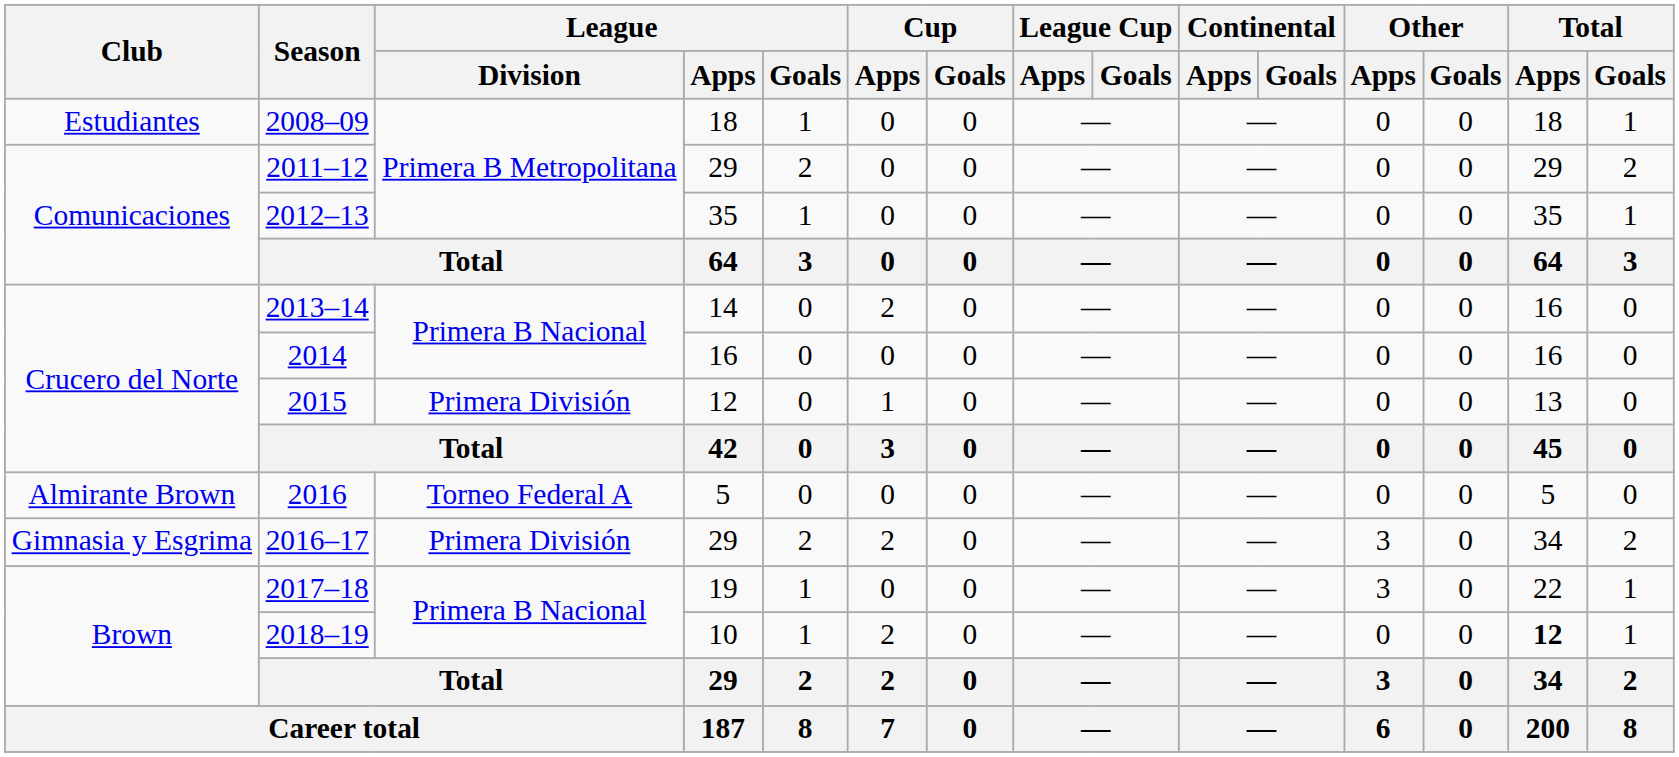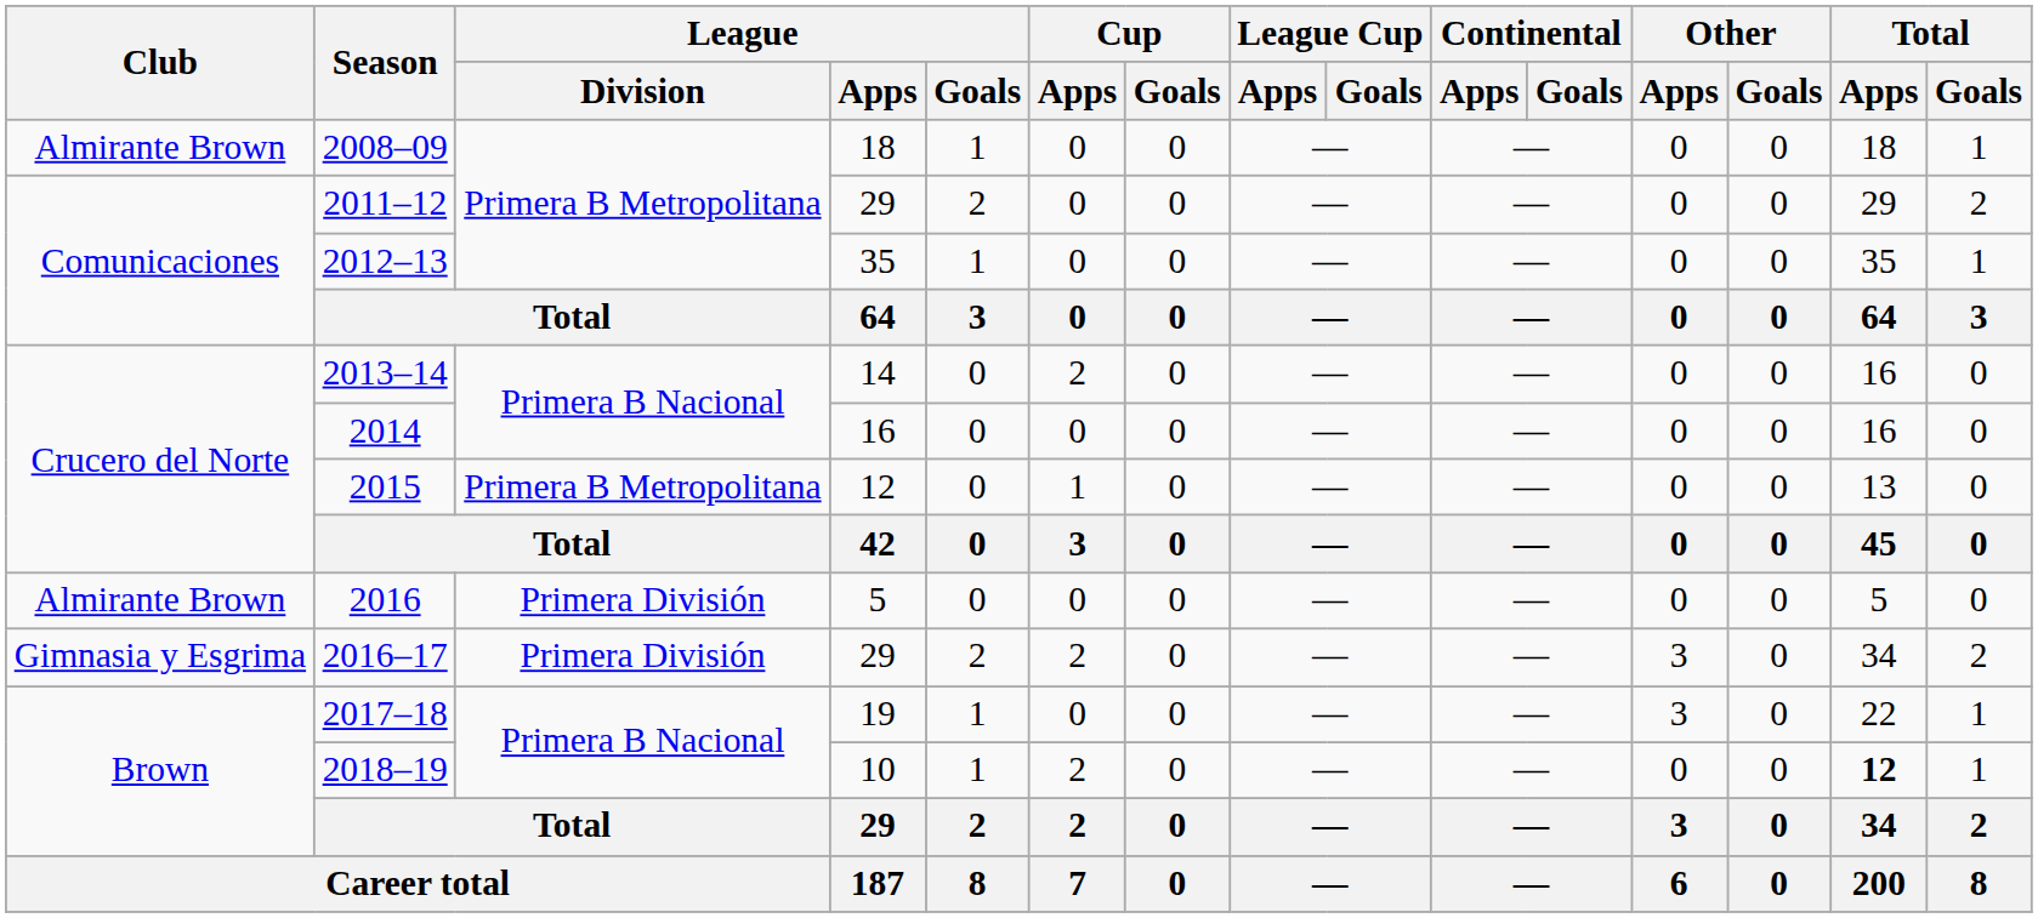 <table class="wikitable" style="text-align:center">
 <tr>
 <th rowspan="2">Club</th>
 <th rowspan="2">Season</th>
 <th colspan="3">League</th>
 <th colspan="2">Cup</th>
 <th colspan="2">League Cup</th>
 <th colspan="2">Continental</th>
 <th colspan="2">Other</th>
 <th colspan="2">Total</th>
 </tr>
 <tr>
 <th>Division</th>
 <th>Apps</th>
 <th>Goals</th>
 <th>Apps</th>
 <th>Goals</th>
 <th>Apps</th>
 <th>Goals</th>
 <th>Apps</th>
 <th>Goals</th>
 <th>Apps</th>
 <th>Goals</th>
 <th>Apps</th>
 <th>Goals</th>
 </tr>
 <tr>
-<td rowspan="1"><a href='#'>Estudiantes</a></td>
+<td rowspan="1"><a href='#'>Almirante Brown</a></td>
 <td><a href='#'>2008–09</a></td>
 <td rowspan="3"><a href='#'>Primera B Metropolitana</a></td>
 <td>18</td>
 <td>1</td>
 <td>0</td>
 <td>0</td>
 <td colspan="2">—</td>
 <td colspan="2">—</td>
 <td>0</td>
 <td>0</td>
 <td>18</td>
 <td>1</td>
 </tr>
 <tr>
 <td rowspan="3"><a href='#'>Comunicaciones</a></td>
 <td><a href='#'>2011–12</a></td>
 <td>29</td>
 <td>2</td>
 <td>0</td>
 <td>0</td>
 <td colspan="2">—</td>
 <td colspan="2">—</td>
 <td>0</td>
 <td>0</td>
 <td>29</td>
 <td>2</td>
 </tr>
 <tr>
 <td><a href='#'>2012–13</a></td>
 <td>35</td>
 <td>1</td>
 <td>0</td>
 <td>0</td>
 <td colspan="2">—</td>
 <td colspan="2">—</td>
 <td>0</td>
 <td>0</td>
 <td>35</td>
 <td>1</td>
 </tr>
 <tr>
 <th colspan="2">Total</th>
 <th>64</th>
 <th>3</th>
 <th>0</th>
 <th>0</th>
 <th colspan="2">—</th>
 <th colspan="2">—</th>
 <th>0</th>
 <th>0</th>
 <th>64</th>
 <th>3</th>
 </tr>
 <tr>
 <td rowspan="4"><a href='#'>Crucero del Norte</a></td>
 <td><a href='#'>2013–14</a></td>
 <td rowspan="2"><a href='#'>Primera B Nacional</a></td>
 <td>14</td>
 <td>0</td>
 <td>2</td>
 <td>0</td>
 <td colspan="2">—</td>
 <td colspan="2">—</td>
 <td>0</td>
 <td>0</td>
 <td>16</td>
 <td>0</td>
 </tr>
 <tr>
 <td><a href='#'>2014</a></td>
 <td>16</td>
 <td>0</td>
 <td>0</td>
 <td>0</td>
 <td colspan="2">—</td>
 <td colspan="2">—</td>
 <td>0</td>
 <td>0</td>
 <td>16</td>
 <td>0</td>
 </tr>
 <tr>
 <td><a href='#'>2015</a></td>
-<td rowspan="1"><a href='#'>Primera División</a></td>
+<td rowspan="1"><a href='#'>Primera B Metropolitana</a></td>
 <td>12</td>
 <td>0</td>
 <td>1</td>
 <td>0</td>
 <td colspan="2">—</td>
 <td colspan="2">—</td>
 <td>0</td>
 <td>0</td>
 <td>13</td>
 <td>0</td>
 </tr>
 <tr>
 <th colspan="2">Total</th>
 <th>42</th>
 <th>0</th>
 <th>3</th>
 <th>0</th>
 <th colspan="2">—</th>
 <th colspan="2">—</th>
 <th>0</th>
 <th>0</th>
 <th>45</th>
 <th>0</th>
 </tr>
 <tr>
 <td rowspan="1"><a href='#'>Almirante Brown</a></td>
 <td><a href='#'>2016</a></td>
-<td rowspan="1"><a href='#'>Torneo Federal A</a></td>
+<td rowspan="1"><a href='#'>Primera División</a></td>
 <td>5</td>
 <td>0</td>
 <td>0</td>
 <td>0</td>
 <td colspan="2">—</td>
 <td colspan="2">—</td>
 <td>0</td>
 <td>0</td>
 <td>5</td>
 <td>0</td>
 </tr>
 <tr>
 <td rowspan="1"><a href='#'>Gimnasia y Esgrima</a></td>
 <td><a href='#'>2016–17</a></td>
 <td rowspan="1"><a href='#'>Primera División</a></td>
 <td>29</td>
 <td>2</td>
 <td>2</td>
 <td>0</td>
 <td colspan="2">—</td>
 <td colspan="2">—</td>
 <td>3</td>
 <td>0</td>
 <td>34</td>
 <td>2</td>
 </tr>
 <tr>
 <td rowspan="3"><a href='#'>Brown</a></td>
 <td><a href='#'>2017–18</a></td>
 <td rowspan="2"><a href='#'>Primera B Nacional</a></td>
 <td>19</td>
 <td>1</td>
 <td>0</td>
 <td>0</td>
 <td colspan="2">—</td>
 <td colspan="2">—</td>
 <td>3</td>
 <td>0</td>
 <td>22</td>
 <td>1</td>
 </tr>
 <tr>
 <td><a href='#'>2018–19</a></td>
 <td>10</td>
 <td>1</td>
 <td>2</td>
 <td>0</td>
 <td colspan="2">—</td>
 <td colspan="2">—</td>
 <td>0</td>
 <td>0</td>
 <td><strong>12</strong></td>
 <td>1</td>
 </tr>
 <tr>
 <th colspan="2">Total</th>
 <th>29</th>
 <th>2</th>
 <th>2</th>
 <th>0</th>
 <th colspan="2">—</th>
 <th colspan="2">—</th>
 <th>3</th>
 <th>0</th>
 <th>34</th>
 <th>2</th>
 </tr>
 <tr>
 <th colspan="3">Career total</th>
 <th>187</th>
 <th>8</th>
 <th>7</th>
 <th>0</th>
 <th colspan="2">—</th>
 <th colspan="2">—</th>
 <th>6</th>
 <th>0</th>
 <th>200</th>
 <th>8</th>
 </tr>
 </table>
